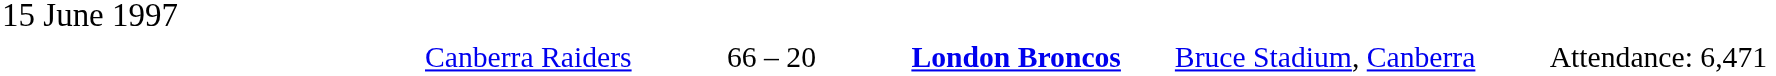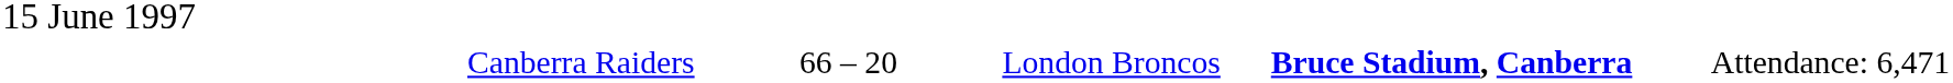 <table style="width:70%;" cellspacing="1">
 <tr>
 <th width=35%></th>
 <th width=15%></th>
 <th></th>
 </tr>
 <tr>
 <td>15 June 1997</td>
 </tr>
 <tr style=font-size:90%>
 <td align=right><a href='#'>Canberra Raiders</a></td>
 <td align=center>66 – 20</td>
-<td><strong><a href='#'>London Broncos</a></strong></td>
-<td><a href='#'>Bruce Stadium</a>, <a href='#'>Canberra</a></td>
+<td><a href='#'>London Broncos</a></td>
+<td><strong><a href='#'>Bruce Stadium</a>, <a href='#'>Canberra</a></strong></td>
 <td>Attendance: 6,471</td>
 </tr>
 </table>
